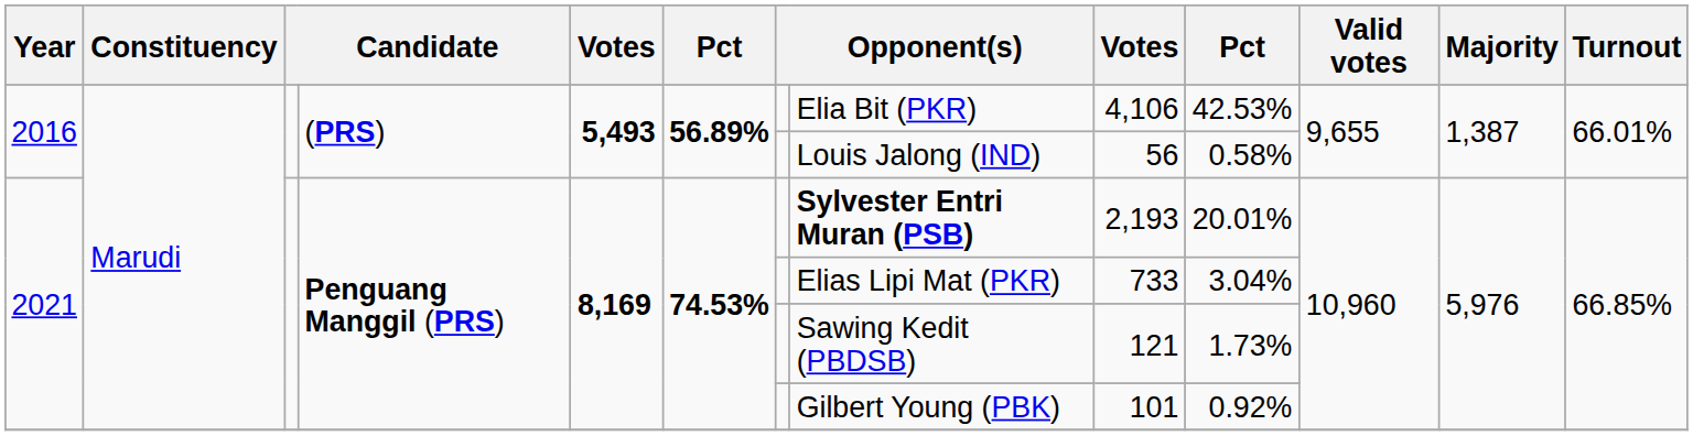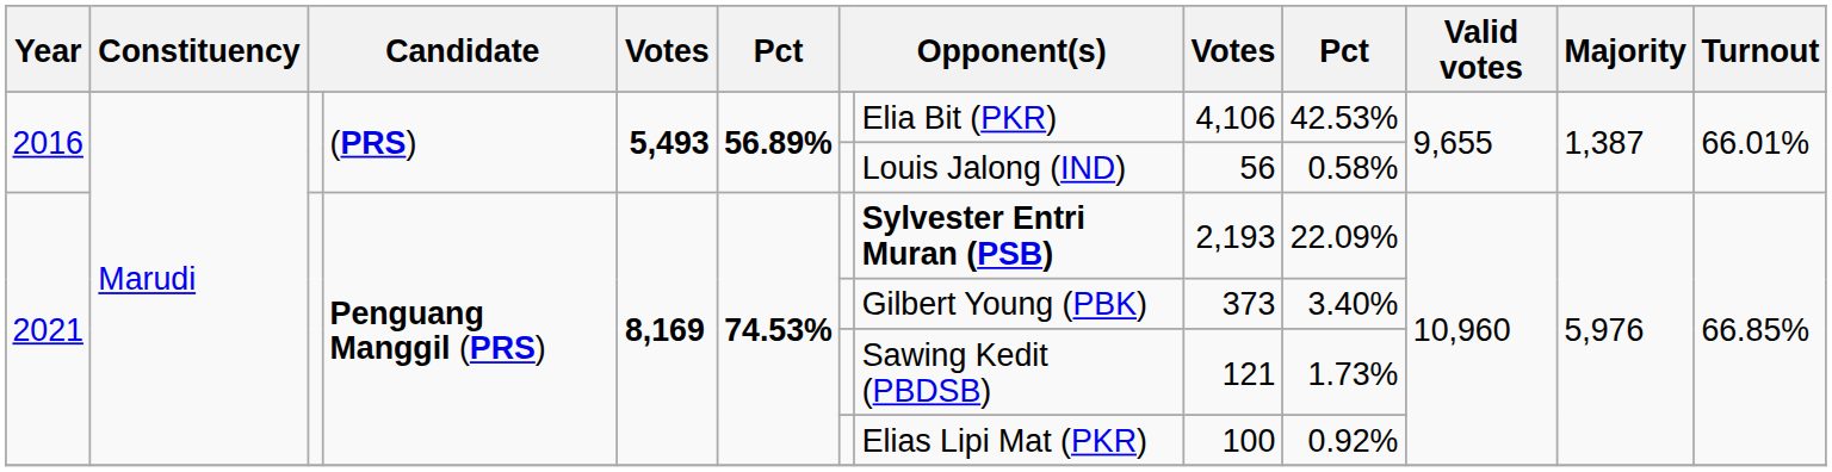 <table class="wikitable" style="margin:0.5em ; font-size:95%">
 <tr>
 <th>Year</th>
 <th>Constituency</th>
 <th colspan=2>Candidate</th>
 <th>Votes</th>
 <th>Pct</th>
 <th colspan=2>Opponent(s)</th>
 <th>Votes</th>
 <th>Pct</th>
 <th>Valid votes</th>
 <th>Majority</th>
 <th>Turnout</th>
 </tr>
 <tr>
 <td rowspan="2"><a href='#'>2016</a></td>
 <td rowspan="6"><a href='#'>Marudi</a></td>
 <td rowspan="2" ></td>
 <td rowspan="2"> (<a href='#'><strong>PRS</strong></a>)</td>
 <td rowspan="2" style="text-align:right;"><strong>5,493</strong></td>
 <td rowspan="2"><strong>56.89%</strong></td>
 <td rowspan=1 ></td>
 <td>Elia Bit (<a href='#'>PKR</a>)</td>
 <td style="text-align:right;">4,106</td>
 <td>42.53%</td>
 <td rowspan="2">9,655</td>
 <td rowspan="2">1,387</td>
 <td rowspan="2">66.01%</td>
 </tr>
 <tr>
 <td rowspan=1 ></td>
 <td>Louis Jalong (<a href='#'>IND</a>)</td>
 <td style="text-align:right;">56</td>
 <td style="text-align:right;">0.58%</td>
 </tr>
 <tr>
 <td rowspan="4"><a href='#'>2021</a></td>
 <td rowspan="4" style="background:"></td>
 <td rowspan="4"><strong>Penguang Manggil</strong> (<a href='#'><strong>PRS</strong></a>)</td>
 <td rowspan="4"><strong>8,169</strong></td>
 <td rowspan="4"><strong>74.53%</strong></td>
 <td style="background-color:"></td>
 <td><strong>Sylvester Entri Muran (<a href='#'>PSB</a>)</strong></td>
 <td style="text-align:right;">2,193</td>
-<td>20.01%</td>
+<td>22.09%</td>
 <td rowspan="4">10,960</td>
 <td rowspan="4">5,976</td>
 <td rowspan="4">66.85%</td>
 </tr>
 <tr>
 <td></td>
-<td>Elias Lipi Mat (<a href='#'>PKR</a>)</td>
-<td style="text-align:right;">733</td>
-<td style="text-align:right;">3.04%</td>
+<td>Gilbert Young (<a href='#'>PBK</a>)</td>
+<td style="text-align:right;">373</td>
+<td style="text-align:right;">3.40%</td>
 </tr>
 <tr>
 <td></td>
 <td>Sawing Kedit (<a href='#'>PBDSB</a>)</td>
 <td style="text-align:right;">121</td>
 <td style="text-align:right;">1.73%</td>
 </tr>
 <tr>
 <td style="background:"></td>
-<td>Gilbert Young (<a href='#'>PBK</a>)</td>
-<td style="text-align:right;">101</td>
+<td>Elias Lipi Mat (<a href='#'>PKR</a>)</td>
+<td style="text-align:right;">100</td>
 <td style="text-align:right;">0.92%</td>
 </tr>
 <tr>
 </tr>
 </table>
